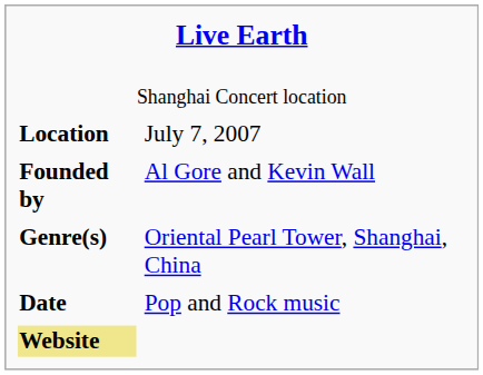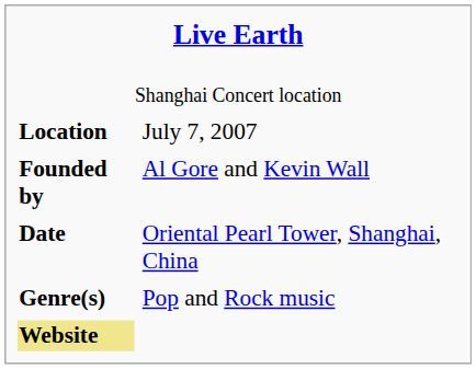 <table class="infobox" style="width: 20em; float:right; clear:right; font-size:90%" cellspacing="4">
 <tr style="vertical-align: top;">
 <th colspan="2" style="text-align: center;"><big><strong><a href='#'>Live Earth</a></strong></big></th>
 </tr>
 <tr style="vertical-align: top;">
 <td colspan="2" style="text-align: center;"></td>
 </tr>
 <tr style="vertical-align: top;">
 <td colspan="2" style="text-align: center;"></td>
 </tr>
 <tr style="vertical-align: top;">
 <td colspan="2" style="text-align: center;"><small>Shanghai Concert location</small></td>
 </tr>
 <tr style="vertical-align: top;">
 <td><strong>Location</strong></td>
 <td>July 7, 2007</td>
 </tr>
 <tr style="vertical-align: top;">
 <td><strong>Founded by</strong></td>
 <td><a href='#'>Al Gore</a> and <a href='#'>Kevin Wall</a></td>
 </tr>
 <tr style="vertical-align: top;">
-<td><strong>Genre(s)</strong></td>
+<td><strong>Date</strong></td>
 <td><a href='#'>Oriental Pearl Tower</a>, <a href='#'>Shanghai</a>, <a href='#'>China</a></td>
 </tr>
 <tr style="vertical-align: top;">
-<td><strong>Date</strong></td>
+<td><strong>Genre(s)</strong></td>
 <td><a href='#'>Pop</a> and <a href='#'>Rock music</a></td>
 </tr>
 <tr style="vertical-align: top;">
 <td style="background: khaki;"><strong>Website</strong></td>
 <td></td>
 </tr>
 </table>
